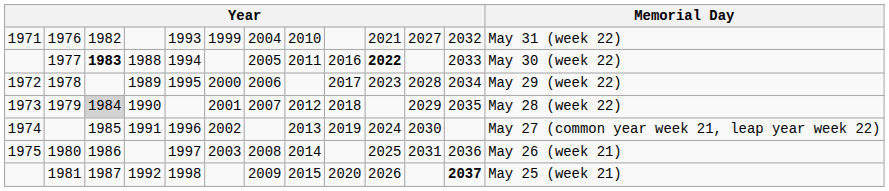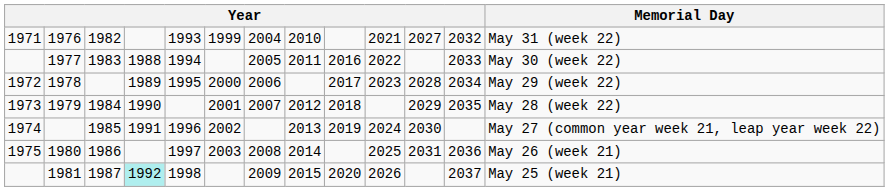 <table class="wikitable">
 <tr>
 <th colspan="12">Year</th>
 <th>Memorial Day</th>
 </tr>
 <tr>
 <td>1971</td>
 <td>1976</td>
 <td>1982</td>
 <td></td>
 <td>1993</td>
 <td>1999</td>
 <td>2004</td>
 <td>2010</td>
 <td></td>
 <td>2021</td>
 <td>2027</td>
 <td>2032</td>
 <td>May 31 (week 22)</td>
 </tr>
 <tr>
 <td></td>
 <td>1977</td>
-<td><strong>1983</strong></td>
+<td>1983</td>
 <td>1988</td>
 <td>1994</td>
 <td></td>
 <td>2005</td>
 <td>2011</td>
 <td>2016</td>
-<td><strong>2022</strong></td>
+<td>2022</td>
 <td></td>
 <td>2033</td>
 <td>May 30 (week 22)</td>
 </tr>
 <tr>
 <td>1972</td>
 <td>1978</td>
 <td></td>
 <td>1989</td>
 <td>1995</td>
 <td>2000</td>
 <td>2006</td>
 <td></td>
 <td>2017</td>
 <td>2023</td>
 <td>2028</td>
 <td>2034</td>
 <td>May 29 (week 22)</td>
 </tr>
 <tr>
 <td>1973</td>
 <td>1979</td>
-<td style="background: lightgrey;">1984</td>
+<td>1984</td>
 <td>1990</td>
 <td></td>
 <td>2001</td>
 <td>2007</td>
 <td>2012</td>
 <td>2018</td>
 <td></td>
 <td>2029</td>
 <td>2035</td>
 <td>May 28 (week 22)</td>
 </tr>
 <tr>
 <td>1974</td>
 <td></td>
 <td>1985</td>
 <td>1991</td>
 <td>1996</td>
 <td>2002</td>
 <td></td>
 <td>2013</td>
 <td>2019</td>
 <td>2024</td>
 <td>2030</td>
 <td></td>
 <td>May 27 (common year week 21, leap year week 22)</td>
 </tr>
 <tr>
 <td>1975</td>
 <td>1980</td>
 <td>1986</td>
 <td></td>
 <td>1997</td>
 <td>2003</td>
 <td>2008</td>
 <td>2014</td>
 <td></td>
 <td>2025</td>
 <td>2031</td>
 <td>2036</td>
 <td>May 26 (week 21)</td>
 </tr>
 <tr>
 <td></td>
 <td>1981</td>
 <td>1987</td>
-<td>1992</td>
+<td style="background: paleturquoise;">1992</td>
 <td>1998</td>
 <td></td>
 <td>2009</td>
 <td>2015</td>
 <td>2020</td>
 <td>2026</td>
 <td></td>
-<td><strong>2037</strong></td>
+<td>2037</td>
 <td>May 25 (week 21)</td>
 </tr>
 </table>
